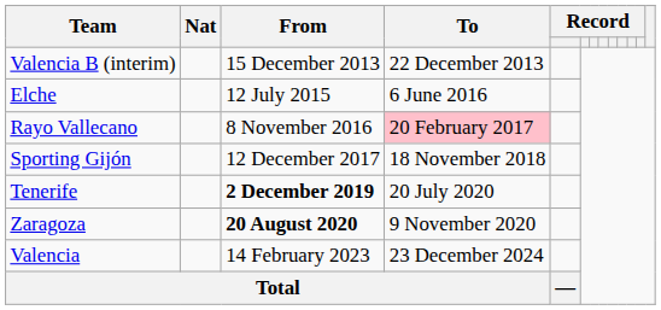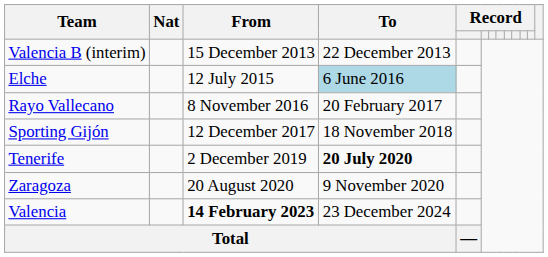 <table class="wikitable" style="text-align: center">
 <tr>
 <th rowspan="2">Team</th>
 <th rowspan="2">Nat</th>
 <th rowspan="2">From</th>
 <th rowspan="2">To</th>
 <th colspan="8">Record</th>
 <th rowspan=2></th>
 </tr>
 <tr>
 <th></th>
 <th></th>
 <th></th>
 <th></th>
 <th></th>
 <th></th>
 <th></th>
 <th></th>
 </tr>
 <tr>
 <td align=left><a href='#'>Valencia B</a> (interim)</td>
 <td></td>
 <td align=left>15 December 2013</td>
 <td align=left>22 December 2013<br></td>
 <td></td>
 </tr>
 <tr>
 <td align=left><a href='#'>Elche</a></td>
 <td></td>
 <td align=left>12 July 2015</td>
-<td align=left>6 June 2016<br></td>
+<td align=left style="background: lightblue;">6 June 2016<br></td>
 <td></td>
 </tr>
 <tr>
 <td align=left><a href='#'>Rayo Vallecano</a></td>
 <td></td>
 <td align=left>8 November 2016</td>
-<td align=left style="background: pink;">20 February 2017<br></td>
+<td align=left>20 February 2017<br></td>
 <td></td>
 </tr>
 <tr>
 <td align=left><a href='#'>Sporting Gijón</a></td>
 <td></td>
 <td align=left>12 December 2017</td>
 <td align=left>18 November 2018<br></td>
 <td></td>
 </tr>
 <tr>
 <td align=left><a href='#'>Tenerife</a></td>
 <td></td>
-<td align=left><strong>2 December 2019</strong></td>
-<td align=left>20 July 2020<br></td>
+<td align=left>2 December 2019</td>
+<td align=left><strong>20 July 2020<br></strong></td>
 <td></td>
 </tr>
 <tr>
 <td align=left><a href='#'>Zaragoza</a></td>
 <td></td>
-<td align=left><strong>20 August 2020</strong></td>
+<td align=left>20 August 2020</td>
 <td align=left>9 November 2020<br></td>
 <td></td>
 </tr>
 <tr>
 <td align=left><a href='#'>Valencia</a></td>
 <td></td>
-<td align=left>14 February 2023</td>
+<td align=left><strong>14 February 2023</strong></td>
 <td align=left>23 December 2024<br></td>
 <td></td>
 </tr>
 <tr>
 <th colspan="4">Total<br></th>
 <th>—</th>
 </tr>
 </table>
